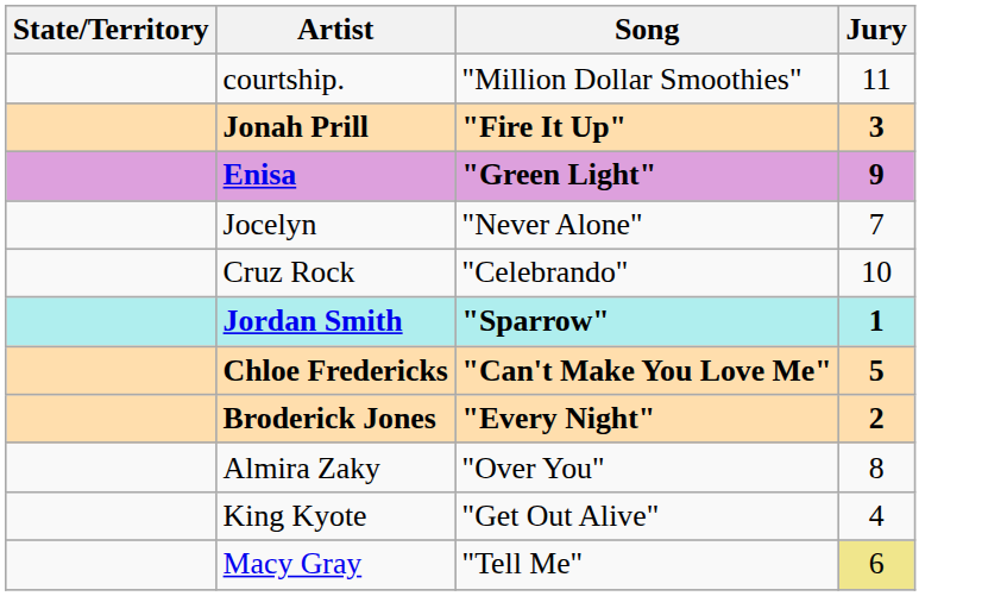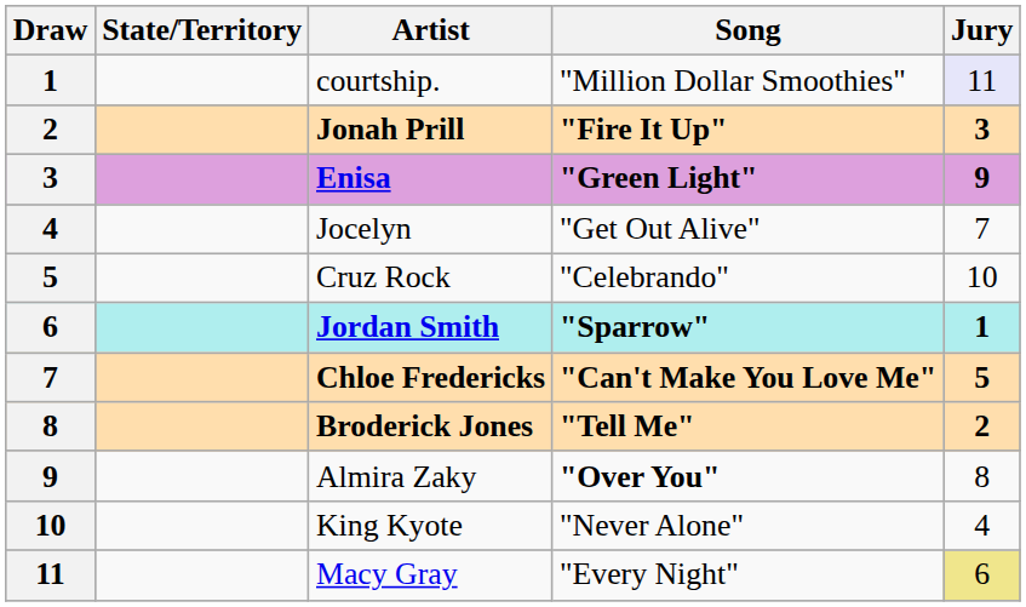 <table class="wikitable sortable plainrowheaders">
 <tr>
+<th scope="col">Draw</th>
 <th scope="col">State/Territory</th>
 <th scope="col">Artist</th>
 <th scope="col">Song</th>
 <th scope="col">Jury</th>
 </tr>
 <tr>
+<th scope="row" style="text-align:center">1</th>
 <td></td>
 <td>courtship.</td>
 <td>"Million Dollar Smoothies"</td>
-<td align="center">11</td>
+<td align="center" style="background: lavender;">11</td>
 </tr>
 <tr style="font-weight:bold; background:navajowhite">
+<th scope="row" style="text-align:center">2</th>
 <td></td>
 <td>Jonah Prill</td>
 <td>"Fire It Up"</td>
 <td align="center">3</td>
 </tr>
 <tr style="font-weight:bold; background:#DDA0DD">
+<th scope="row" style="text-align:center">3</th>
 <td></td>
 <td><a href='#'>Enisa</a></td>
 <td>"Green Light"</td>
 <td align="center">9</td>
 </tr>
 <tr>
+<th scope="row" style="text-align:center">4</th>
 <td></td>
 <td>Jocelyn</td>
-<td>"Never Alone"</td>
+<td>"Get Out Alive"</td>
 <td align="center">7</td>
 </tr>
 <tr>
+<th scope="row" style="text-align:center">5</th>
 <td></td>
 <td>Cruz Rock</td>
 <td>"Celebrando"</td>
 <td align="center">10</td>
 </tr>
 <tr style="font-weight:bold; background:paleturquoise;">
+<th scope="row" style="text-align:center">6</th>
 <td></td>
 <td><a href='#'>Jordan Smith</a></td>
 <td>"Sparrow"</td>
 <td align="center">1</td>
 </tr>
 <tr style="font-weight:bold; background:navajowhite">
+<th scope="row" style="text-align:center">7</th>
 <td></td>
 <td>Chloe Fredericks</td>
 <td>"Can't Make You Love Me"</td>
 <td align="center">5</td>
 </tr>
 <tr style="font-weight:bold; background:navajowhite">
+<th scope="row" style="text-align:center">8</th>
 <td></td>
 <td>Broderick Jones</td>
-<td>"Every Night"</td>
+<td>"Tell Me"</td>
 <td align="center">2</td>
 </tr>
 <tr>
+<th scope="row" style="text-align:center">9</th>
 <td></td>
 <td>Almira Zaky</td>
-<td>"Over You"</td>
+<td><strong>"Over You"</strong></td>
 <td align="center">8</td>
 </tr>
 <tr>
+<th scope="row" style="text-align:center">10</th>
 <td></td>
 <td>King Kyote</td>
-<td>"Get Out Alive"</td>
+<td>"Never Alone"</td>
 <td align="center">4</td>
 </tr>
 <tr>
+<th scope="row" style="text-align:center">11</th>
 <td></td>
 <td><a href='#'>Macy Gray</a></td>
-<td>"Tell Me"</td>
+<td>"Every Night"</td>
 <td align="center" style="background: khaki;">6</td>
 </tr>
 </table>
